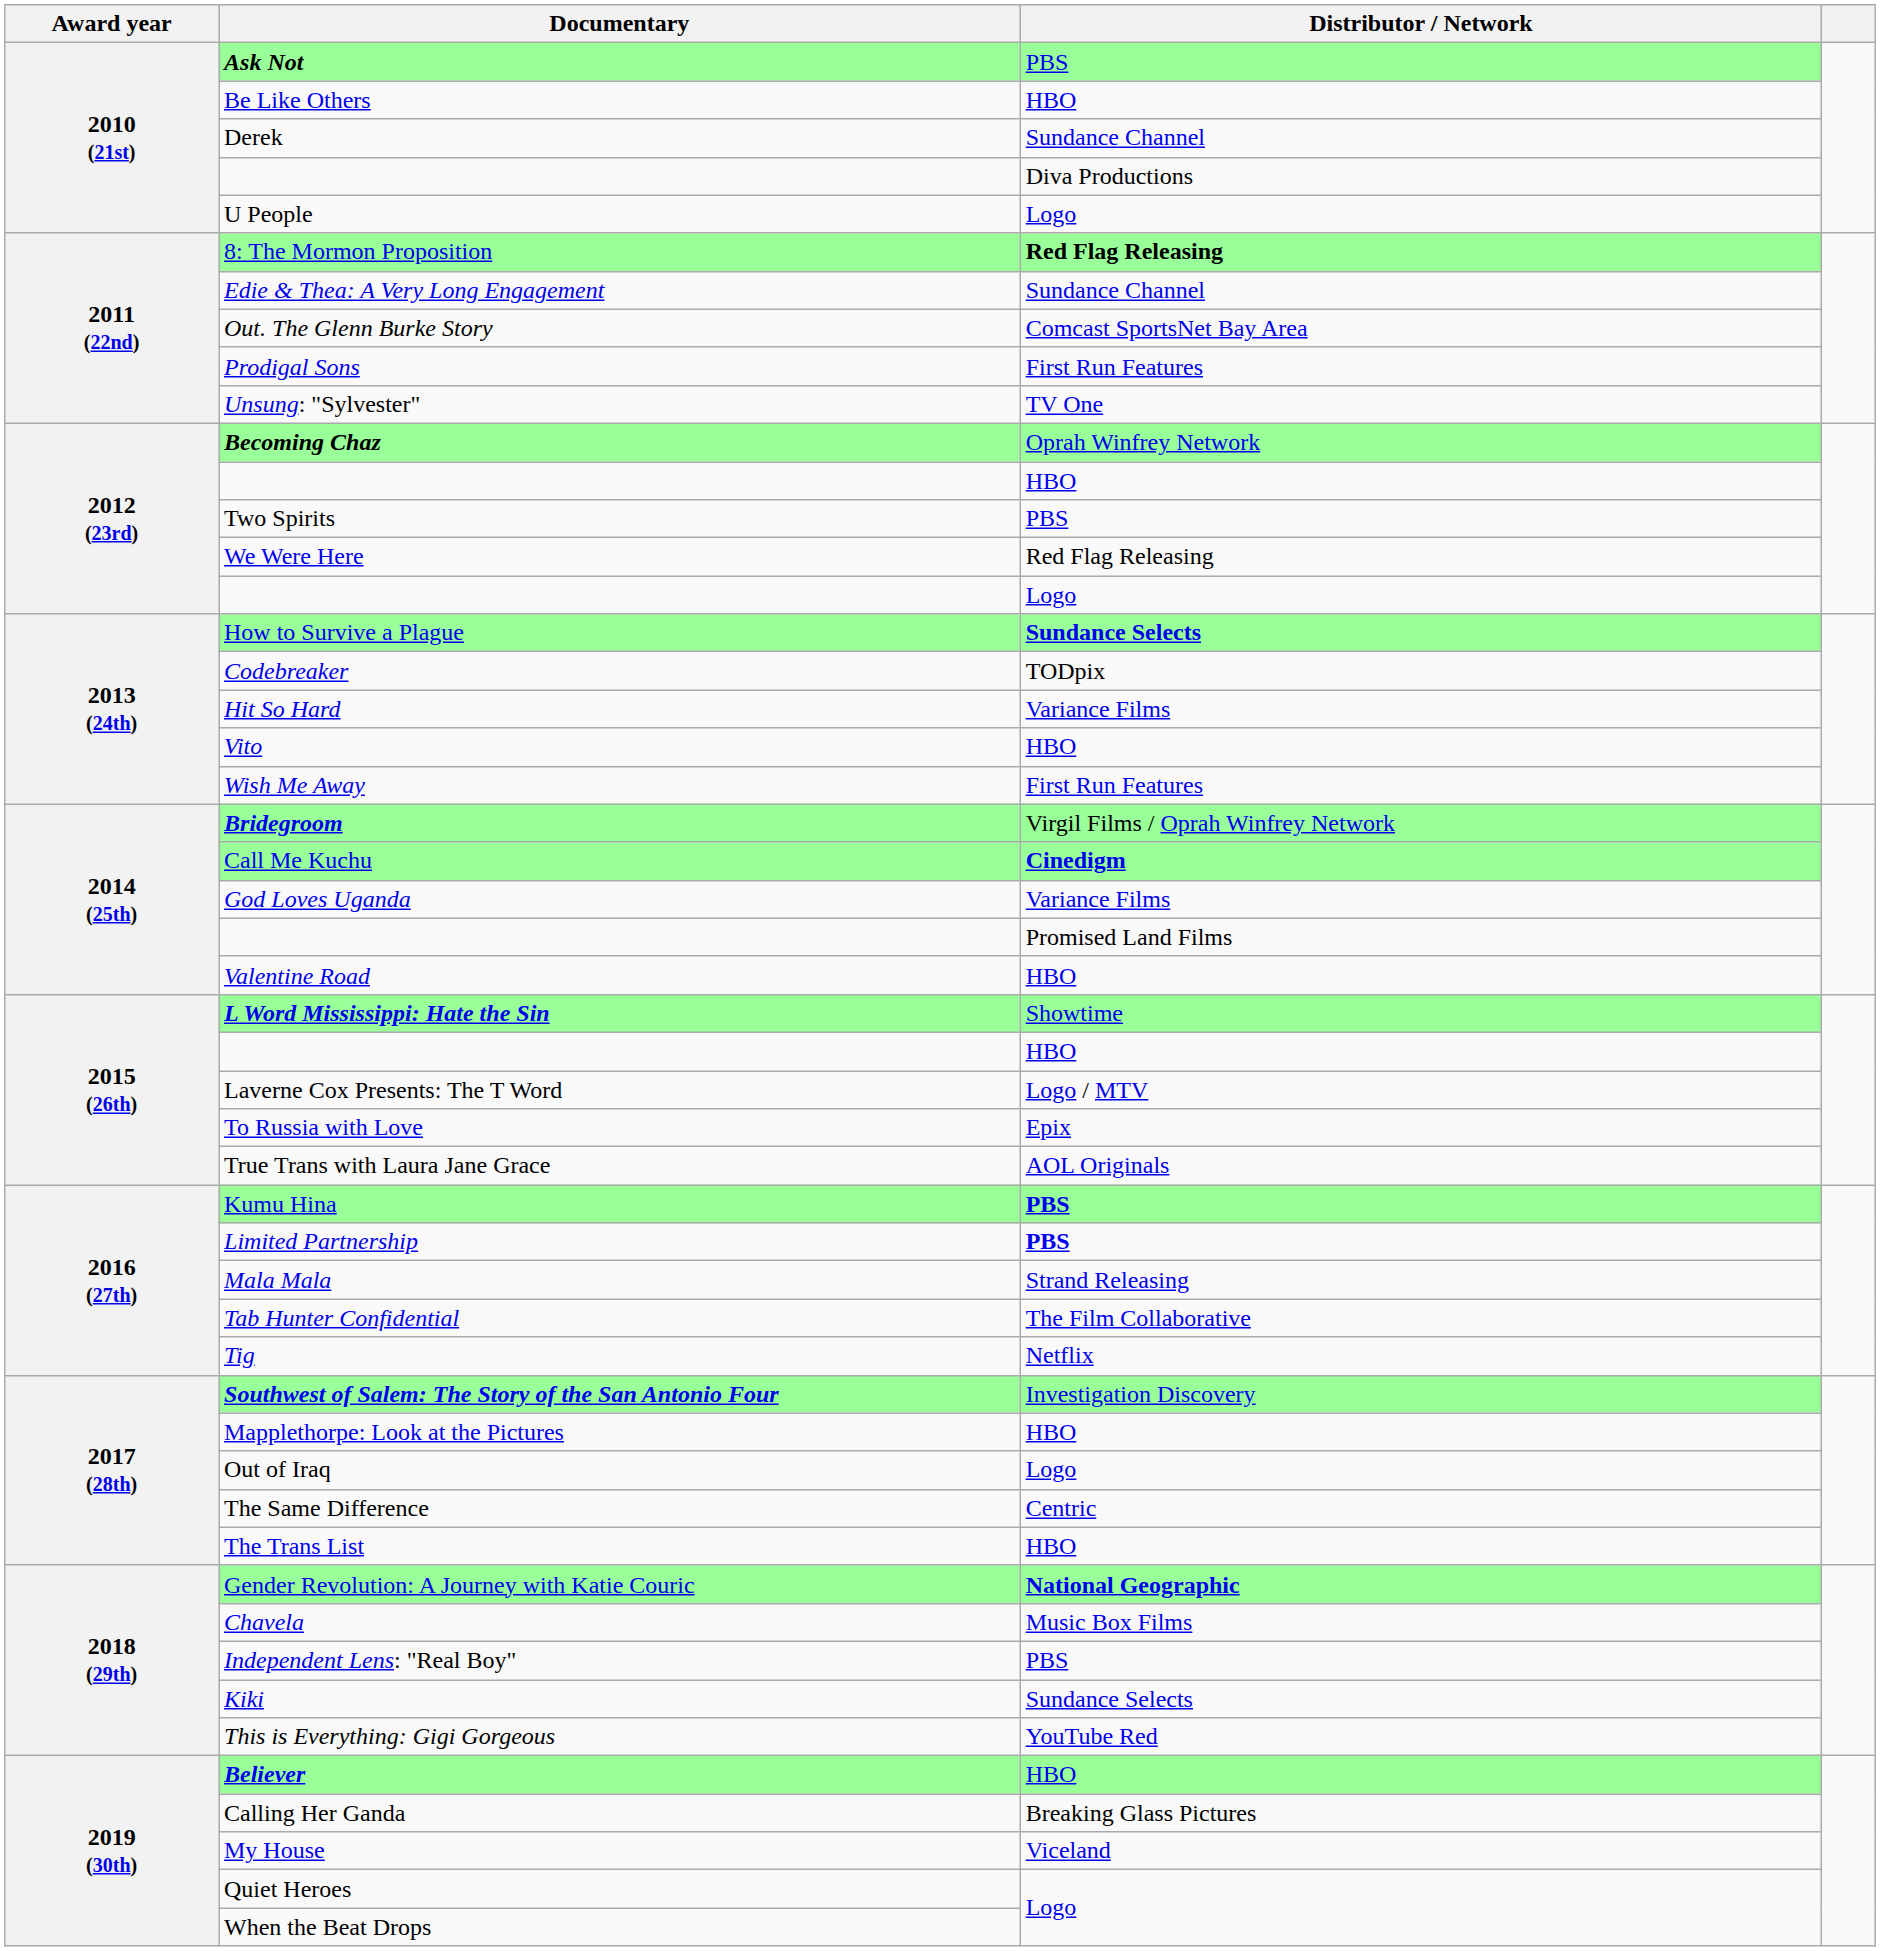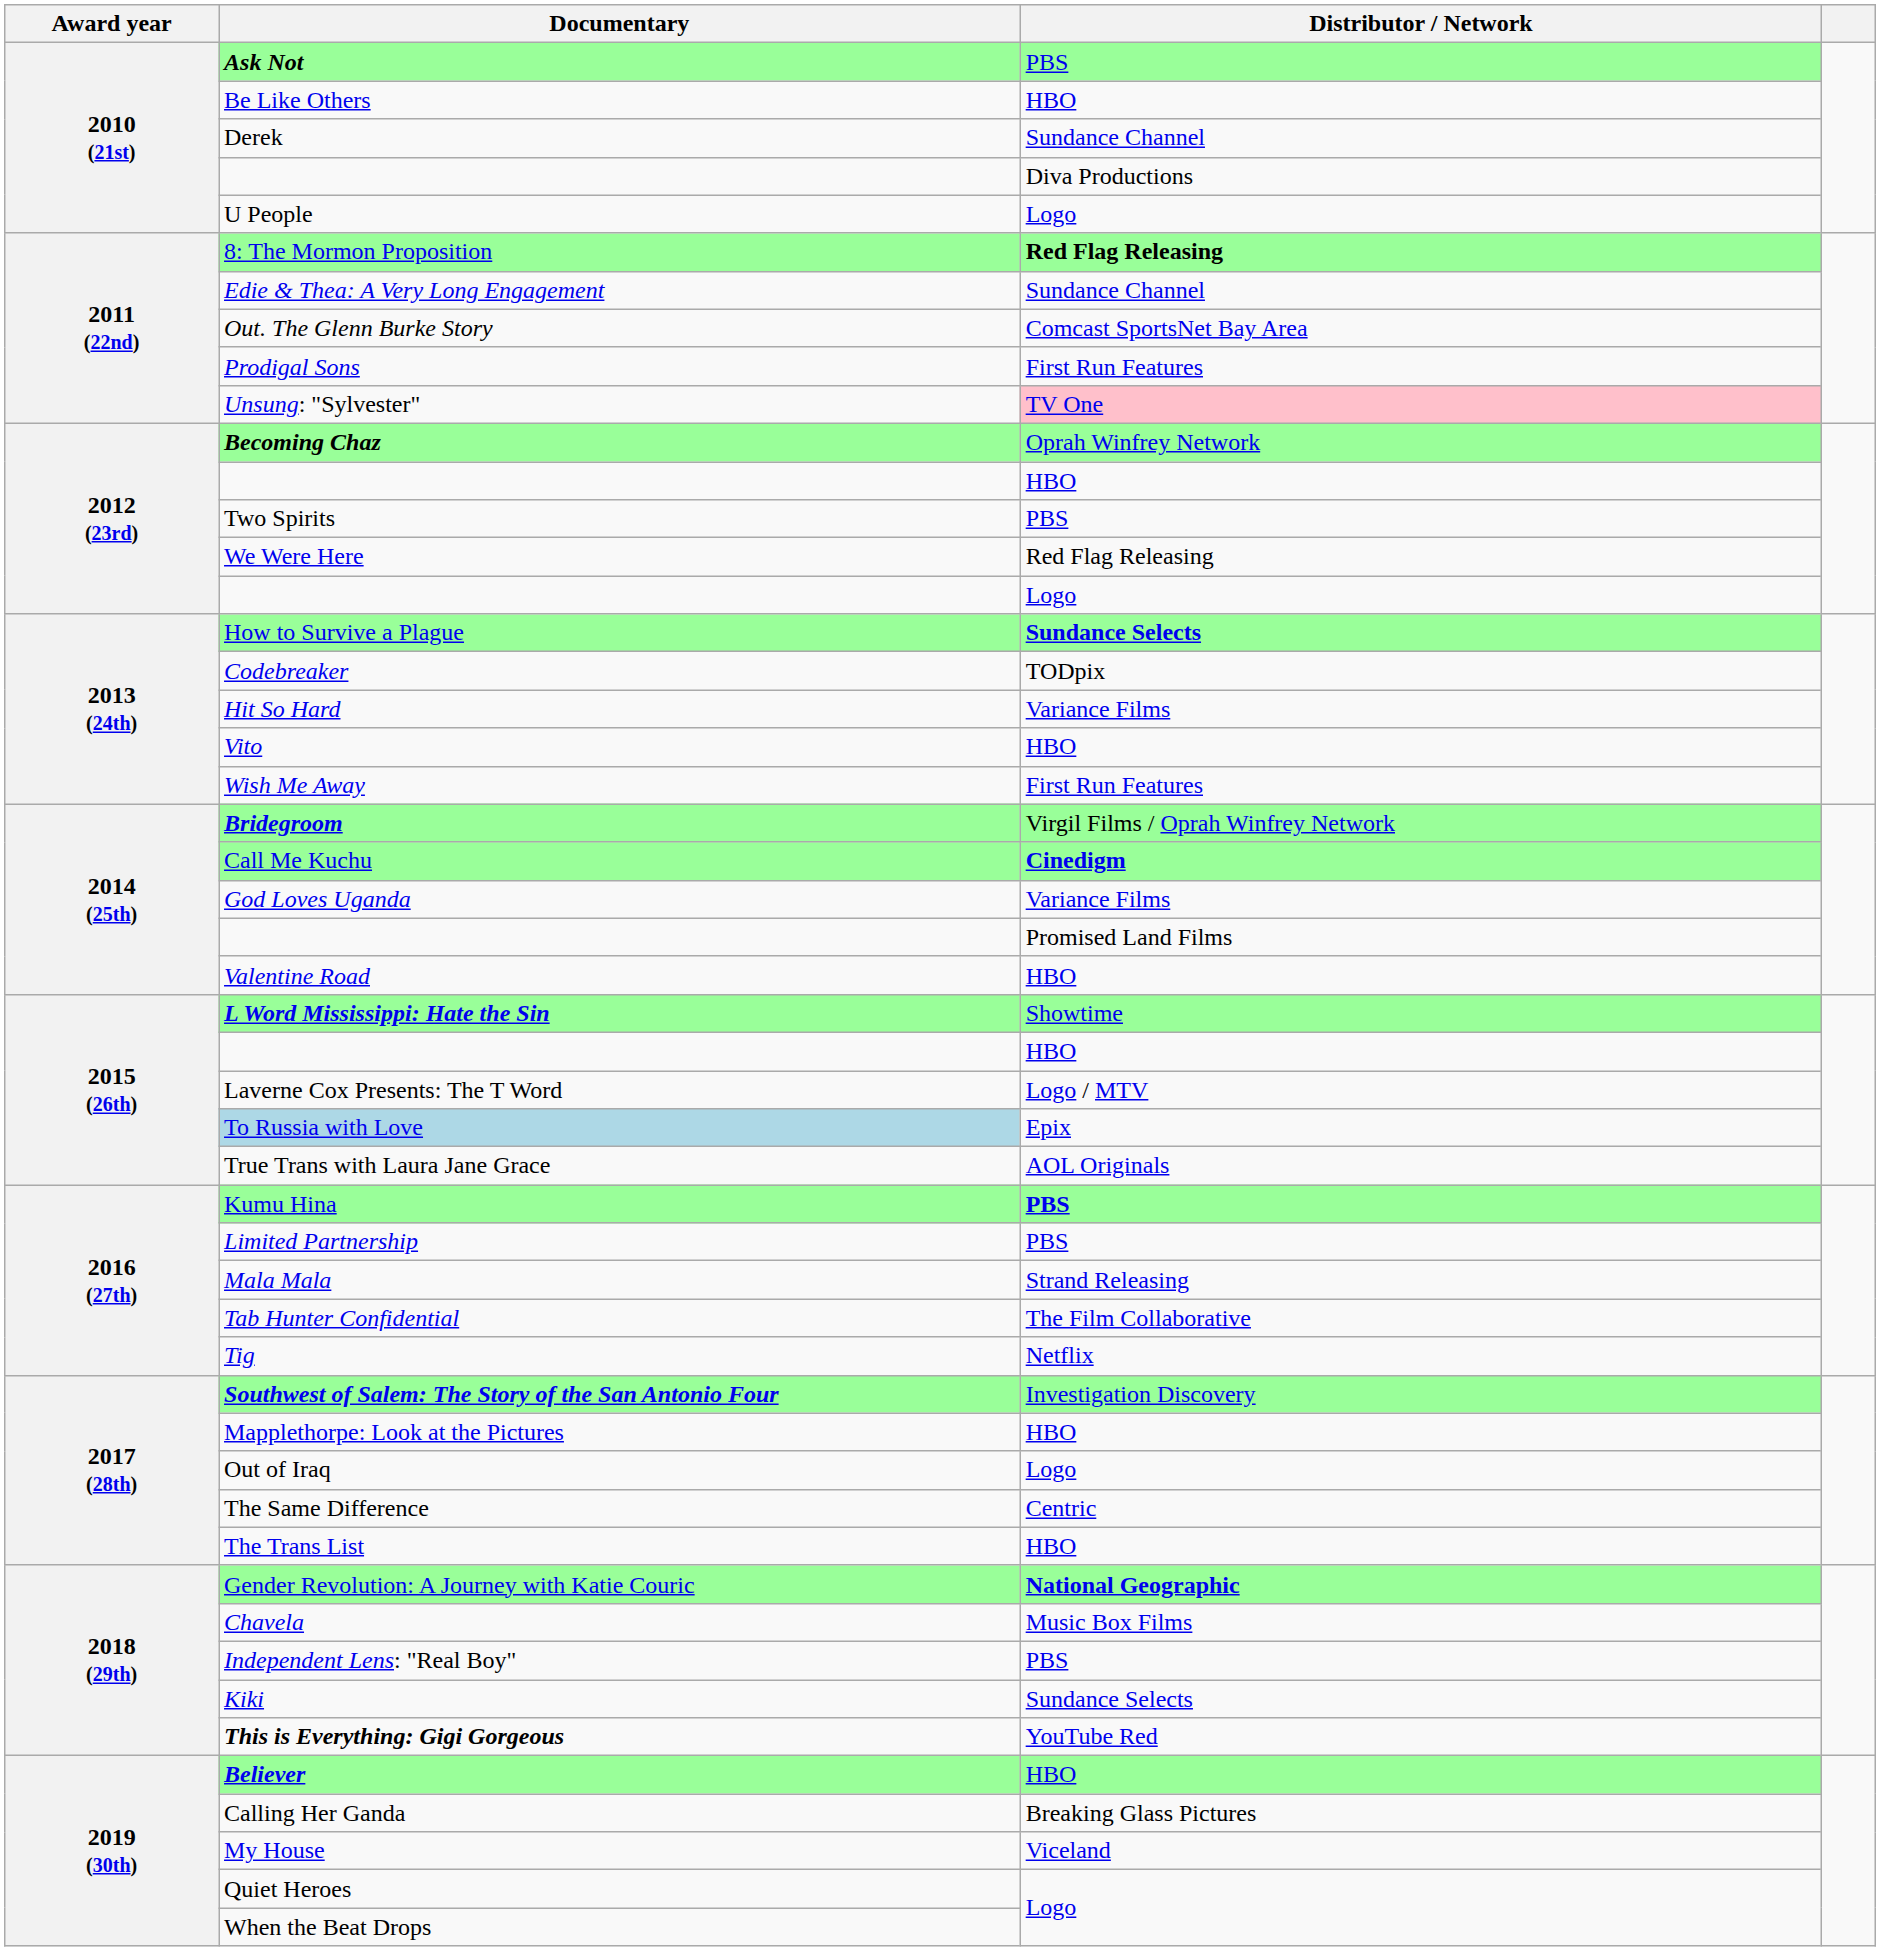 <table class="wikitable sortable">
 <tr>
 <th scope="col" style="width:8%">Award year</th>
 <th scope="col" style="width:30%">Documentary</th>
 <th scope="col" style="width:30%">Distributor / Network</th>
 <th scope="col" style="width:2%" class="unsortable"></th>
 </tr>
 <tr>
 <th rowspan="5" scope="rowgroup" style="text-align:center">2010<br><small>(<a href='#'>21st</a>)</small></th>
 <td style="background:#99ff99;"><strong><em>Ask Not<em> <strong></td>
 <td style="background:#99ff99;"></strong><a href='#'>PBS</a><strong></td>
 <td rowspan="5" align="center"><br></td>
 </tr>
 <tr>
 <td></em><a href='#'>Be Like Others</a><em></td>
 <td><a href='#'>HBO</a></td>
 </tr>
 <tr>
 <td></em>Derek<em></td>
 <td><a href='#'>Sundance Channel</a></td>
 </tr>
 <tr>
 <td></em><em></td>
 <td>Diva Productions</td>
 </tr>
 <tr>
 <td></em>U People<em></td>
 <td><a href='#'>Logo</a></td>
 </tr>
 <tr>
 <th rowspan="5" scope="rowgroup" style="text-align:center">2011<br><small>(<a href='#'>22nd</a>)</small></th>
 <td style="background:#99ff99;"></em></strong><a href='#'>8: The Mormon Proposition</a></em> </strong></td>
 <td style="background:#99ff99;"><strong>Red Flag Releasing</strong></td>
 <td rowspan="5" align="center"><br></td>
 </tr>
 <tr>
 <td><em><a href='#'>Edie & Thea: A Very Long Engagement</a></em></td>
 <td><a href='#'>Sundance Channel</a></td>
 </tr>
 <tr>
 <td><em>Out. The Glenn Burke Story</em></td>
 <td><a href='#'>Comcast SportsNet Bay Area</a></td>
 </tr>
 <tr>
 <td><em><a href='#'>Prodigal Sons</a></em></td>
 <td><a href='#'>First Run Features</a></td>
 </tr>
 <tr>
 <td><em><a href='#'>Unsung</a></em>: "Sylvester"</td>
-<td><a href='#'>TV One</a></td>
+<td style="background: pink;"><a href='#'>TV One</a></td>
 </tr>
 <tr>
 <th rowspan="5" scope="rowgroup" style="text-align:center">2012<br><small>(<a href='#'>23rd</a>)</small></th>
 <td style="background:#99ff99;"><strong><em>Becoming Chaz<em> <strong></td>
 <td style="background:#99ff99;"></strong><a href='#'>Oprah Winfrey Network</a><strong></td>
 <td rowspan="5" align="center"><br></td>
 </tr>
 <tr>
 <td></em><em></td>
 <td><a href='#'>HBO</a></td>
 </tr>
 <tr>
 <td></em>Two Spirits<em></td>
 <td><a href='#'>PBS</a></td>
 </tr>
 <tr>
 <td></em><a href='#'>We Were Here</a><em></td>
 <td>Red Flag Releasing</td>
 </tr>
 <tr>
 <td></em><em></td>
 <td><a href='#'>Logo</a></td>
 </tr>
 <tr>
 <th rowspan="5" scope="rowgroup" style="text-align:center">2013<br><small>(<a href='#'>24th</a>)</small></th>
 <td style="background:#99ff99;"></em></strong><a href='#'>How to Survive a Plague</a></em> </strong></td>
 <td style="background:#99ff99;"><strong><a href='#'>Sundance Selects</a></strong></td>
 <td rowspan="5" align="center"><br></td>
 </tr>
 <tr>
 <td><em><a href='#'>Codebreaker</a></em></td>
 <td>TODpix</td>
 </tr>
 <tr>
 <td><em><a href='#'>Hit So Hard</a></em></td>
 <td><a href='#'>Variance Films</a></td>
 </tr>
 <tr>
 <td><em><a href='#'>Vito</a></em></td>
 <td><a href='#'>HBO</a></td>
 </tr>
 <tr>
 <td><em><a href='#'>Wish Me Away</a></em></td>
 <td><a href='#'>First Run Features</a></td>
 </tr>
 <tr>
 <th rowspan="5" scope="rowgroup" style="text-align:center">2014<br><small>(<a href='#'>25th</a>)</small></th>
 <td style="background:#99ff99;"><strong><em><a href='#'>Bridegroom</a><em> <strong></td>
 <td style="background:#99ff99;"></strong>Virgil Films / <a href='#'>Oprah Winfrey Network</a><strong></td>
 <td rowspan="5" align="center"><br></td>
 </tr>
 <tr>
 <td style="background:#99ff99;"></em></strong><a href='#'>Call Me Kuchu</a></em>  </strong></td>
 <td style="background:#99ff99;"><strong><a href='#'>Cinedigm</a></strong></td>
 </tr>
 <tr>
 <td><em><a href='#'>God Loves Uganda</a></em></td>
 <td><a href='#'>Variance Films</a></td>
 </tr>
 <tr>
 <td><em></em></td>
 <td>Promised Land Films</td>
 </tr>
 <tr>
 <td><em><a href='#'>Valentine Road</a></em></td>
 <td><a href='#'>HBO</a></td>
 </tr>
 <tr>
 <th rowspan="5" scope="rowgroup" style="text-align:center">2015<br><small>(<a href='#'>26th</a>)</small></th>
 <td style="background:#99ff99;"><strong><em><a href='#'>L Word Mississippi: Hate the Sin</a><em> <strong></td>
 <td style="background:#99ff99;"></strong><a href='#'>Showtime</a><strong></td>
 <td rowspan="5" align="center"><br></td>
 </tr>
 <tr>
 <td></em><em></td>
 <td><a href='#'>HBO</a></td>
 </tr>
 <tr>
 <td></em>Laverne Cox Presents: The T Word<em></td>
 <td><a href='#'>Logo</a> / <a href='#'>MTV</a></td>
 </tr>
 <tr>
-<td></em><a href='#'>To Russia with Love</a><em></td>
+<td style="background: lightblue;"></em><a href='#'>To Russia with Love</a><em></td>
 <td><a href='#'>Epix</a></td>
 </tr>
 <tr>
 <td></em>True Trans with Laura Jane Grace<em></td>
 <td><a href='#'>AOL Originals</a></td>
 </tr>
 <tr>
 <th rowspan="5" scope="rowgroup" style="text-align:center">2016<br><small>(<a href='#'>27th</a>)</small></th>
 <td style="background:#99ff99;"></em></strong><a href='#'>Kumu Hina</a></em> </strong></td>
 <td style="background:#99ff99;"><strong><a href='#'>PBS</a></strong></td>
 <td rowspan="5" align="center"><br></td>
 </tr>
 <tr>
 <td><em><a href='#'>Limited Partnership</a></em></td>
-<td><strong><a href='#'>PBS</a></strong></td>
+<td><a href='#'>PBS</a></td>
 </tr>
 <tr>
 <td><em><a href='#'>Mala Mala</a></em></td>
 <td><a href='#'>Strand Releasing</a></td>
 </tr>
 <tr>
 <td><em><a href='#'>Tab Hunter Confidential</a></em></td>
 <td><a href='#'>The Film Collaborative</a></td>
 </tr>
 <tr>
 <td><em><a href='#'>Tig</a></em></td>
 <td><a href='#'>Netflix</a></td>
 </tr>
 <tr>
 <th rowspan="5" scope="rowgroup" style="text-align:center">2017<br><small>(<a href='#'>28th</a>)</small></th>
 <td style="background:#99ff99;"><strong><em><a href='#'>Southwest of Salem: The Story of the San Antonio Four</a><em> <strong></td>
 <td style="background:#99ff99;"></strong><a href='#'>Investigation Discovery</a><strong></td>
 <td rowspan="5" align="center"></td>
 </tr>
 <tr>
 <td></em><a href='#'>Mapplethorpe: Look at the Pictures</a><em></td>
 <td><a href='#'>HBO</a></td>
 </tr>
 <tr>
 <td></em>Out of Iraq<em></td>
 <td><a href='#'>Logo</a></td>
 </tr>
 <tr>
 <td></em>The Same Difference<em></td>
 <td><a href='#'>Centric</a></td>
 </tr>
 <tr>
 <td></em><a href='#'>The Trans List</a><em></td>
 <td><a href='#'>HBO</a></td>
 </tr>
 <tr>
 <th rowspan="5" scope="rowgroup" style="text-align:center">2018<br><small>(<a href='#'>29th</a>)</small></th>
 <td style="background:#99ff99;"></em></strong><a href='#'>Gender Revolution: A Journey with Katie Couric</a></em> </strong></td>
 <td style="background:#99ff99;"><strong><a href='#'>National Geographic</a></strong></td>
 <td rowspan="5" align="center"><br></td>
 </tr>
 <tr>
 <td><em><a href='#'>Chavela</a></em></td>
 <td><a href='#'>Music Box Films</a></td>
 </tr>
 <tr>
 <td><em><a href='#'>Independent Lens</a></em>: "Real Boy"</td>
 <td><a href='#'>PBS</a></td>
 </tr>
 <tr>
 <td><em><a href='#'>Kiki</a></em></td>
 <td><a href='#'>Sundance Selects</a></td>
 </tr>
 <tr>
-<td><em>This is Everything: Gigi Gorgeous</em></td>
+<td><strong><em>This is Everything: Gigi Gorgeous</em></strong></td>
 <td><a href='#'>YouTube Red</a></td>
 </tr>
 <tr>
 <th rowspan="5" scope="rowgroup" style="text-align:center">2019<br><small>(<a href='#'>30th</a>)</small></th>
 <td style="background:#99ff99;"><strong><em><a href='#'>Believer</a><em> <strong></td>
 <td style="background:#99ff99;"></strong><a href='#'>HBO</a><strong></td>
 <td rowspan="5" align="center"><br></td>
 </tr>
 <tr>
 <td></em>Calling Her Ganda<em></td>
 <td>Breaking Glass Pictures</td>
 </tr>
 <tr>
 <td></em><a href='#'>My House</a><em></td>
 <td><a href='#'>Viceland</a></td>
 </tr>
 <tr>
 <td></em>Quiet Heroes<em></td>
 <td rowspan="2"><a href='#'>Logo</a></td>
 </tr>
 <tr>
 <td></em>When the Beat Drops<em></td>
 </tr>
 </table>
